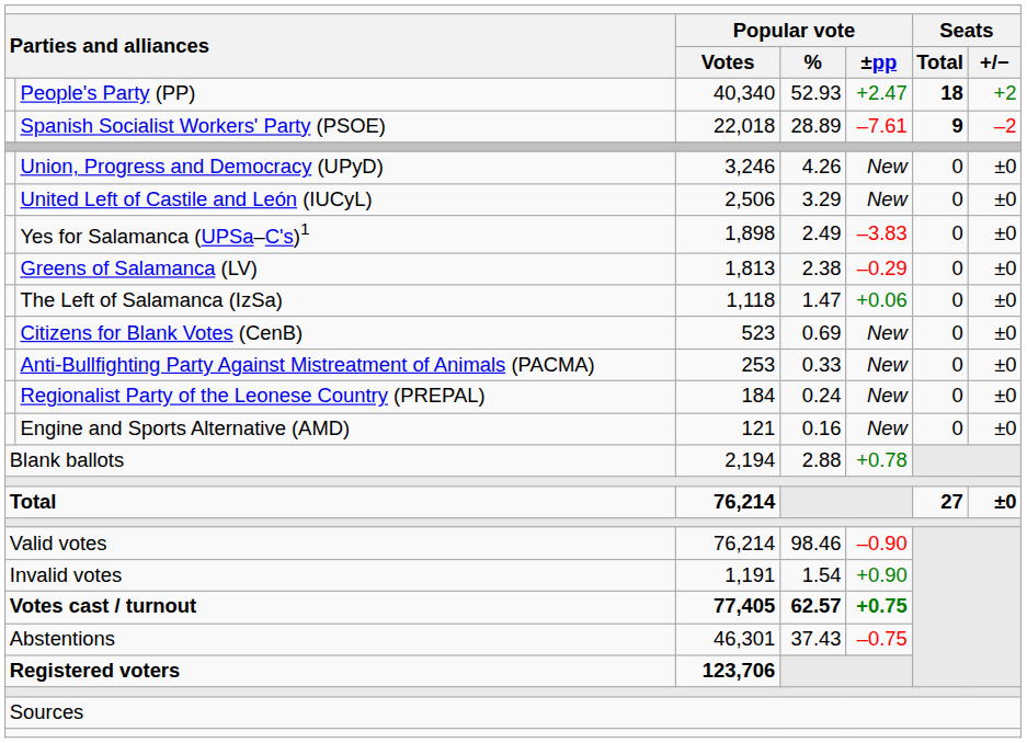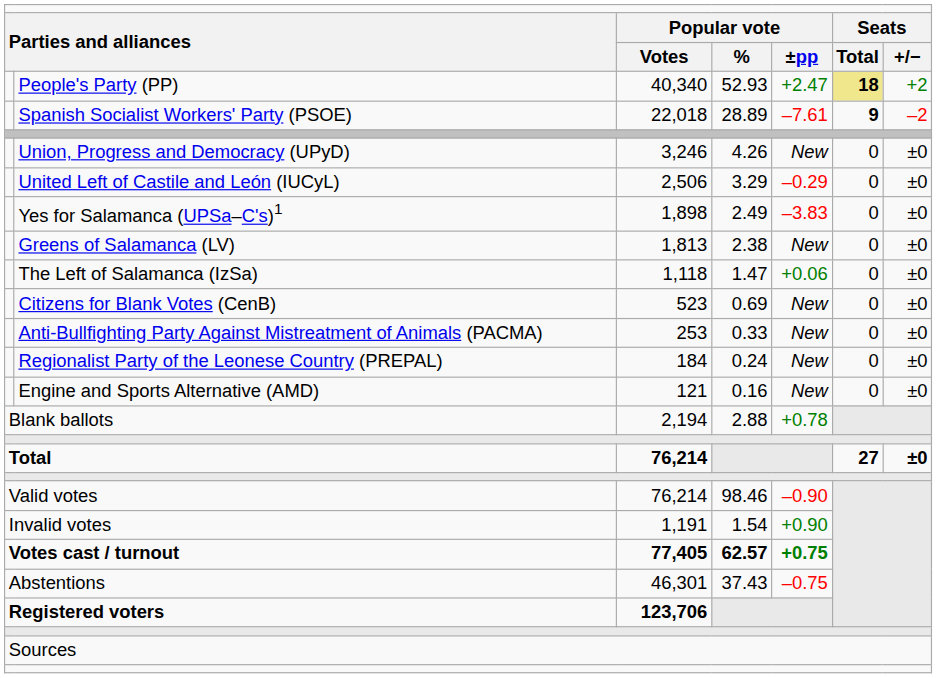 <table class="wikitable" style="text-align:right;">
 <tr>
 <td colspan="7"></td>
 </tr>
 <tr>
 <th style="text-align:left;" rowspan="2" colspan="2" width="525">Parties and alliances</th>
 <th colspan="3">Popular vote</th>
 <th colspan="2">Seats</th>
 </tr>
 <tr>
 <th width="75">Votes</th>
 <th width="45">%</th>
 <th width="45">±<a href='#'>pp</a></th>
 <th width="35">Total</th>
 <th width="35">+/−</th>
 </tr>
 <tr>
 <td width="1" style="color:inherit;background:"></td>
 <td align="left"><a href='#'>People's Party</a> (PP)</td>
 <td>40,340</td>
 <td>52.93</td>
 <td style="color:green;">+2.47</td>
-<td><strong>18</strong></td>
+<td style="background: khaki;"><strong>18</strong></td>
 <td style="color:green;">+2</td>
 </tr>
 <tr>
 <td style="color:inherit;background:"></td>
 <td align="left"><a href='#'>Spanish Socialist Workers' Party</a> (PSOE)</td>
 <td>22,018</td>
 <td>28.89</td>
 <td style="color:red;">–7.61</td>
 <td><strong>9</strong></td>
 <td style="color:red;">–2</td>
 </tr>
 <tr>
 <td colspan="7" bgcolor="#C0C0C0"></td>
 </tr>
 <tr>
 <td style="color:inherit;background:"></td>
 <td align="left"><a href='#'>Union, Progress and Democracy</a> (UPyD)</td>
 <td>3,246</td>
 <td>4.26</td>
 <td><em>New</em></td>
 <td>0</td>
 <td>±0</td>
 </tr>
 <tr>
 <td style="color:inherit;background:"></td>
 <td align="left"><a href='#'>United Left of Castile and León</a> (IUCyL)</td>
 <td>2,506</td>
 <td>3.29</td>
-<td><em>New</em></td>
+<td style="color:red;">–0.29</td>
 <td>0</td>
 <td>±0</td>
 </tr>
 <tr>
 <td style="color:inherit;background:"></td>
 <td align="left">Yes for Salamanca (<a href='#'>UPSa</a>–<a href='#'>C's</a>)<sup>1</sup></td>
 <td>1,898</td>
 <td>2.49</td>
 <td style="color:red;">–3.83</td>
 <td>0</td>
 <td>±0</td>
 </tr>
 <tr>
 <td style="color:inherit;background:"></td>
 <td align="left"><a href='#'>Greens of Salamanca</a> (LV)</td>
 <td>1,813</td>
 <td>2.38</td>
-<td style="color:red;">–0.29</td>
+<td><em>New</em></td>
 <td>0</td>
 <td>±0</td>
 </tr>
 <tr>
 <td style="color:inherit;background:"></td>
 <td align="left">The Left of Salamanca (IzSa)</td>
 <td>1,118</td>
 <td>1.47</td>
 <td style="color:green;">+0.06</td>
 <td>0</td>
 <td>±0</td>
 </tr>
 <tr>
 <td style="color:inherit;background:"></td>
 <td align="left"><a href='#'>Citizens for Blank Votes</a> (CenB)</td>
 <td>523</td>
 <td>0.69</td>
 <td><em>New</em></td>
 <td>0</td>
 <td>±0</td>
 </tr>
 <tr>
 <td style="color:inherit;background:"></td>
 <td align="left"><a href='#'>Anti-Bullfighting Party Against Mistreatment of Animals</a> (PACMA)</td>
 <td>253</td>
 <td>0.33</td>
 <td><em>New</em></td>
 <td>0</td>
 <td>±0</td>
 </tr>
 <tr>
 <td style="color:inherit;background:"></td>
 <td align="left"><a href='#'>Regionalist Party of the Leonese Country</a> (PREPAL)</td>
 <td>184</td>
 <td>0.24</td>
 <td><em>New</em></td>
 <td>0</td>
 <td>±0</td>
 </tr>
 <tr>
 <td style="color:inherit;background:"></td>
 <td align="left">Engine and Sports Alternative (AMD)</td>
 <td>121</td>
 <td>0.16</td>
 <td><em>New</em></td>
 <td>0</td>
 <td>±0</td>
 </tr>
 <tr>
 <td align="left" colspan="2">Blank ballots</td>
 <td>2,194</td>
 <td>2.88</td>
 <td style="color:green;">+0.78</td>
 <td bgcolor="#E9E9E9" colspan="2"></td>
 </tr>
 <tr>
 <td colspan="7" bgcolor="#E9E9E9"></td>
 </tr>
 <tr style="font-weight:bold;">
 <td align="left" colspan="2">Total</td>
 <td>76,214</td>
 <td bgcolor="#E9E9E9" colspan="2"></td>
 <td>27</td>
 <td>±0</td>
 </tr>
 <tr>
 <td colspan="7" bgcolor="#E9E9E9"></td>
 </tr>
 <tr>
 <td align="left" colspan="2">Valid votes</td>
 <td>76,214</td>
 <td>98.46</td>
 <td style="color:red;">–0.90</td>
 <td bgcolor="#E9E9E9" colspan="2" rowspan="5"></td>
 </tr>
 <tr>
 <td align="left" colspan="2">Invalid votes</td>
 <td>1,191</td>
 <td>1.54</td>
 <td style="color:green;">+0.90</td>
 </tr>
 <tr style="font-weight:bold;">
 <td align="left" colspan="2">Votes cast / turnout</td>
 <td>77,405</td>
 <td>62.57</td>
 <td style="color:green;">+0.75</td>
 </tr>
 <tr>
 <td align="left" colspan="2">Abstentions</td>
 <td>46,301</td>
 <td>37.43</td>
 <td style="color:red;">–0.75</td>
 </tr>
 <tr style="font-weight:bold;">
 <td align="left" colspan="2">Registered voters</td>
 <td>123,706</td>
 <td bgcolor="#E9E9E9" colspan="2"></td>
 </tr>
 <tr>
 <td colspan="7" bgcolor="#E9E9E9"></td>
 </tr>
 <tr>
 <td align="left" colspan="7">Sources</td>
 </tr>
 <tr>
 <td colspan="7" style="text-align:left; max-width:790px;"></td>
 </tr>
 </table>
